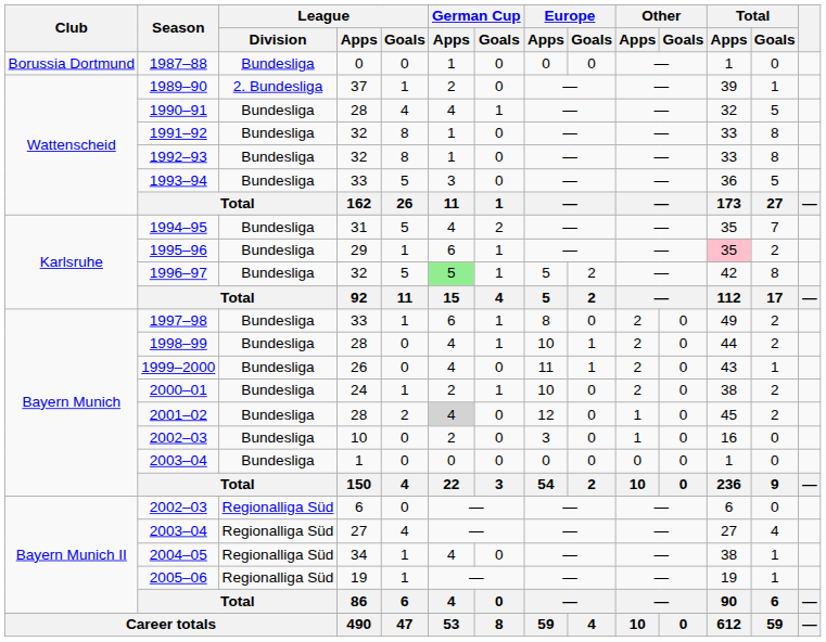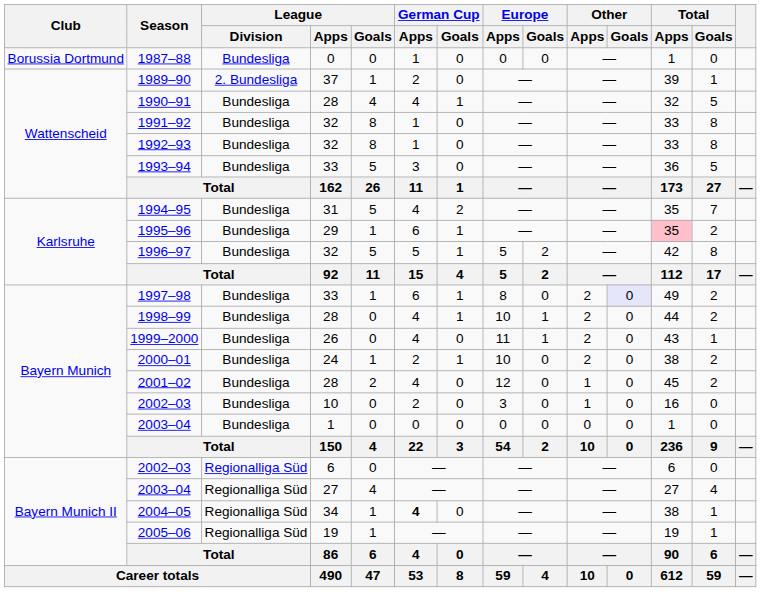 <table class="wikitable" Style="text-align: center">
 <tr>
 <th rowspan="2">Club</th>
 <th rowspan="2">Season</th>
 <th colspan="3">League</th>
 <th colspan="2"><a href='#'>German Cup</a></th>
 <th colspan="2"><a href='#'>Europe</a></th>
 <th colspan="2">Other</th>
 <th colspan="2">Total</th>
 <th rowspan="2"></th>
 </tr>
 <tr>
 <th>Division</th>
 <th>Apps</th>
 <th>Goals</th>
 <th>Apps</th>
 <th>Goals</th>
 <th>Apps</th>
 <th>Goals</th>
 <th>Apps</th>
 <th>Goals</th>
 <th>Apps</th>
 <th>Goals</th>
 </tr>
 <tr>
 <td><a href='#'>Borussia Dortmund</a></td>
 <td><a href='#'>1987–88</a></td>
 <td><a href='#'>Bundesliga</a></td>
 <td>0</td>
 <td>0</td>
 <td>1</td>
 <td>0</td>
 <td>0</td>
 <td>0</td>
 <td colspan="2">—</td>
 <td>1</td>
 <td>0</td>
 <td></td>
 </tr>
 <tr>
 <td rowspan="6"><a href='#'>Wattenscheid</a></td>
 <td><a href='#'>1989–90</a></td>
 <td><a href='#'>2. Bundesliga</a></td>
 <td>37</td>
 <td>1</td>
 <td>2</td>
 <td>0</td>
 <td colspan="2">—</td>
 <td colspan="2">—</td>
 <td>39</td>
 <td>1</td>
 <td></td>
 </tr>
 <tr>
 <td><a href='#'>1990–91</a></td>
 <td>Bundesliga</td>
 <td>28</td>
 <td>4</td>
 <td>4</td>
 <td>1</td>
 <td colspan="2">—</td>
 <td colspan="2">—</td>
 <td>32</td>
 <td>5</td>
 <td></td>
 </tr>
 <tr>
 <td><a href='#'>1991–92</a></td>
 <td>Bundesliga</td>
 <td>32</td>
 <td>8</td>
 <td>1</td>
 <td>0</td>
 <td colspan="2">—</td>
 <td colspan="2">—</td>
 <td>33</td>
 <td>8</td>
 <td></td>
 </tr>
 <tr>
 <td><a href='#'>1992–93</a></td>
 <td>Bundesliga</td>
 <td>32</td>
 <td>8</td>
 <td>1</td>
 <td>0</td>
 <td colspan="2">—</td>
 <td colspan="2">—</td>
 <td>33</td>
 <td>8</td>
 <td></td>
 </tr>
 <tr>
 <td><a href='#'>1993–94</a></td>
 <td>Bundesliga</td>
 <td>33</td>
 <td>5</td>
 <td>3</td>
 <td>0</td>
 <td colspan="2">—</td>
 <td colspan="2">—</td>
 <td>36</td>
 <td>5</td>
 <td></td>
 </tr>
 <tr>
 <th colspan="2">Total</th>
 <th>162</th>
 <th>26</th>
 <th>11</th>
 <th>1</th>
 <th colspan="2">—</th>
 <th colspan="2">—</th>
 <th>173</th>
 <th>27</th>
 <th>—</th>
 </tr>
 <tr>
 <td rowspan="4"><a href='#'>Karlsruhe</a></td>
 <td><a href='#'>1994–95</a></td>
 <td>Bundesliga</td>
 <td>31</td>
 <td>5</td>
 <td>4</td>
 <td>2</td>
 <td colspan="2">—</td>
 <td colspan="2">—</td>
 <td>35</td>
 <td>7</td>
 <td></td>
 </tr>
 <tr>
 <td><a href='#'>1995–96</a></td>
 <td>Bundesliga</td>
 <td>29</td>
 <td>1</td>
 <td>6</td>
 <td>1</td>
 <td colspan="2">—</td>
 <td colspan="2">—</td>
 <td style="background: pink;">35</td>
 <td>2</td>
 <td></td>
 </tr>
 <tr>
 <td><a href='#'>1996–97</a></td>
 <td>Bundesliga</td>
 <td>32</td>
 <td>5</td>
-<td style="background: lightgreen;">5</td>
+<td>5</td>
 <td>1</td>
 <td>5</td>
 <td>2</td>
 <td colspan="2">—</td>
 <td>42</td>
 <td>8</td>
 <td></td>
 </tr>
 <tr>
 <th colspan="2">Total</th>
 <th>92</th>
 <th>11</th>
 <th>15</th>
 <th>4</th>
 <th>5</th>
 <th>2</th>
 <th colspan="2">—</th>
 <th>112</th>
 <th>17</th>
 <th>—</th>
 </tr>
 <tr>
 <td rowspan="8"><a href='#'>Bayern Munich</a></td>
 <td><a href='#'>1997–98</a></td>
 <td>Bundesliga</td>
 <td>33</td>
 <td>1</td>
 <td>6</td>
 <td>1</td>
 <td>8</td>
 <td>0</td>
 <td>2</td>
-<td>0</td>
+<td style="background: lavender;">0</td>
 <td>49</td>
 <td>2</td>
 <td></td>
 </tr>
 <tr>
 <td><a href='#'>1998–99</a></td>
 <td>Bundesliga</td>
 <td>28</td>
 <td>0</td>
 <td>4</td>
 <td>1</td>
 <td>10</td>
 <td>1</td>
 <td>2</td>
 <td>0</td>
 <td>44</td>
 <td>2</td>
 <td></td>
 </tr>
 <tr>
 <td><a href='#'>1999–2000</a></td>
 <td>Bundesliga</td>
 <td>26</td>
 <td>0</td>
 <td>4</td>
 <td>0</td>
 <td>11</td>
 <td>1</td>
 <td>2</td>
 <td>0</td>
 <td>43</td>
 <td>1</td>
 <td></td>
 </tr>
 <tr>
 <td><a href='#'>2000–01</a></td>
 <td>Bundesliga</td>
 <td>24</td>
 <td>1</td>
 <td>2</td>
 <td>1</td>
 <td>10</td>
 <td>0</td>
 <td>2</td>
 <td>0</td>
 <td>38</td>
 <td>2</td>
 <td></td>
 </tr>
 <tr>
 <td><a href='#'>2001–02</a></td>
 <td>Bundesliga</td>
 <td>28</td>
 <td>2</td>
-<td style="background: lightgrey;">4</td>
+<td>4</td>
 <td>0</td>
 <td>12</td>
 <td>0</td>
 <td>1</td>
 <td>0</td>
 <td>45</td>
 <td>2</td>
 <td></td>
 </tr>
 <tr>
 <td><a href='#'>2002–03</a></td>
 <td>Bundesliga</td>
 <td>10</td>
 <td>0</td>
 <td>2</td>
 <td>0</td>
 <td>3</td>
 <td>0</td>
 <td>1</td>
 <td>0</td>
 <td>16</td>
 <td>0</td>
 <td></td>
 </tr>
 <tr>
 <td><a href='#'>2003–04</a></td>
 <td>Bundesliga</td>
 <td>1</td>
 <td>0</td>
 <td>0</td>
 <td>0</td>
 <td>0</td>
 <td>0</td>
 <td>0</td>
 <td>0</td>
 <td>1</td>
 <td>0</td>
 <td></td>
 </tr>
 <tr>
 <th colspan="2">Total</th>
 <th>150</th>
 <th>4</th>
 <th>22</th>
 <th>3</th>
 <th>54</th>
 <th>2</th>
 <th>10</th>
 <th>0</th>
 <th>236</th>
 <th>9</th>
 <th>—</th>
 </tr>
 <tr>
 <td rowspan="5"><a href='#'>Bayern Munich II</a></td>
 <td><a href='#'>2002–03</a></td>
 <td><a href='#'>Regionalliga Süd</a></td>
 <td>6</td>
 <td>0</td>
 <td colspan="2">—</td>
 <td colspan="2">—</td>
 <td colspan="2">—</td>
 <td>6</td>
 <td>0</td>
 <td></td>
 </tr>
 <tr>
 <td><a href='#'>2003–04</a></td>
 <td>Regionalliga Süd</td>
 <td>27</td>
 <td>4</td>
 <td colspan="2">—</td>
 <td colspan="2">—</td>
 <td colspan="2">—</td>
 <td>27</td>
 <td>4</td>
 <td></td>
 </tr>
 <tr>
 <td><a href='#'>2004–05</a></td>
 <td>Regionalliga Süd</td>
 <td>34</td>
 <td>1</td>
-<td>4</td>
+<td><strong>4</strong></td>
 <td>0</td>
 <td colspan="2">—</td>
 <td colspan="2">—</td>
 <td>38</td>
 <td>1</td>
 <td></td>
 </tr>
 <tr>
 <td><a href='#'>2005–06</a></td>
 <td>Regionalliga Süd</td>
 <td>19</td>
 <td>1</td>
 <td colspan="2">—</td>
 <td colspan="2">—</td>
 <td colspan="2">—</td>
 <td>19</td>
 <td>1</td>
 <td></td>
 </tr>
 <tr>
 <th colspan="2">Total</th>
 <th>86</th>
 <th>6</th>
 <th>4</th>
 <th>0</th>
 <th colspan="2">—</th>
 <th colspan="2">—</th>
 <th>90</th>
 <th>6</th>
 <th>—</th>
 </tr>
 <tr>
 <th colspan="3">Career totals</th>
 <th>490</th>
 <th>47</th>
 <th>53</th>
 <th>8</th>
 <th>59</th>
 <th>4</th>
 <th>10</th>
 <th>0</th>
 <th>612</th>
 <th>59</th>
 <th>—</th>
 </tr>
 </table>
